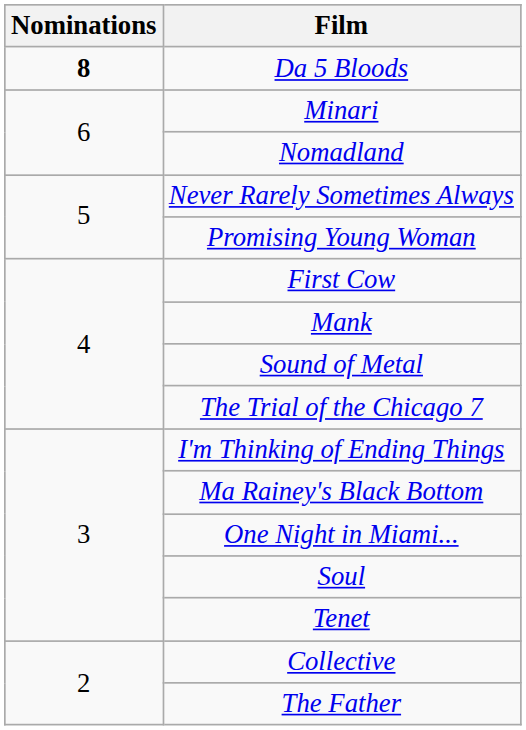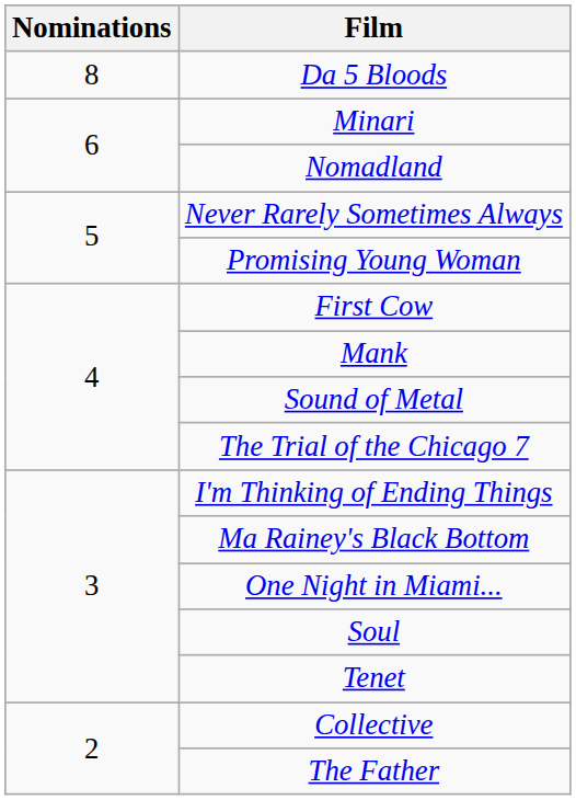 <table class="wikitable plainrowheaders" style="text-align:center;">
 <tr>
 <th scope="col" style="width: 55px;">Nominations</th>
 <th scope="col" style="text-align:center;">Film</th>
 </tr>
 <tr>
-<td scope=row style="text-align:center"><strong>8</strong></td>
+<td scope=row style="text-align:center">8</td>
 <td><em><a href='#'>Da 5 Bloods</a></em></td>
 </tr>
 <tr>
 <td scope=row style="text-align:center" rowspan="2">6</td>
 <td><em><a href='#'>Minari</a></em></td>
 </tr>
 <tr>
 <td><em><a href='#'>Nomadland</a></em></td>
 </tr>
 <tr>
 <td scope=row style="text-align:center" rowspan="2">5</td>
 <td><em><a href='#'>Never Rarely Sometimes Always</a></em></td>
 </tr>
 <tr>
 <td><em><a href='#'>Promising Young Woman</a></em></td>
 </tr>
 <tr>
 <td scope=row style="text-align:center" rowspan="4">4</td>
 <td><em><a href='#'>First Cow</a></em></td>
 </tr>
 <tr>
 <td><em><a href='#'>Mank</a></em></td>
 </tr>
 <tr>
 <td><em><a href='#'>Sound of Metal</a></em></td>
 </tr>
 <tr>
 <td><em><a href='#'>The Trial of the Chicago 7</a></em></td>
 </tr>
 <tr>
 <td scope=row style="text-align:center" rowspan="5">3</td>
 <td><em><a href='#'>I'm Thinking of Ending Things</a></em></td>
 </tr>
 <tr>
 <td><em><a href='#'>Ma Rainey's Black Bottom</a></em></td>
 </tr>
 <tr>
 <td><em><a href='#'>One Night in Miami...</a></em></td>
 </tr>
 <tr>
 <td><em><a href='#'>Soul</a></em></td>
 </tr>
 <tr>
 <td><em><a href='#'>Tenet</a></em></td>
 </tr>
 <tr>
 <td scope=row style="text-align:center" rowspan="2">2</td>
 <td><em><a href='#'>Collective</a></em></td>
 </tr>
 <tr>
 <td><em><a href='#'>The Father</a></em></td>
 </tr>
 </table>
